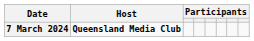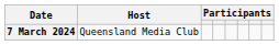 <table class="nowrap wikitable sortable tpl-blanktable" style=text-align:center>
 <tr>
 <th rowspan="2">Date</th>
 <th rowspan="2">Host</th>
 <th colspan="6">Participants</th>
 </tr>
 <tr>
 <th class=unsortable style=background:></th>
 <th class=unsortable style=background:></th>
 <th class=unsortable style=background:></th>
 <th class=unsortable style=background:></th>
 <th class=unsortable style=background:></th>
 <th class=unsortable style=background:></th>
 </tr>
 <tr>
 <th style=text-align:left>7 March 2024</th>
-<td style=text-align:left><strong>Queensland Media Club</strong></td>
+<td style=text-align:left>Queensland Media Club</td>
 <td></td>
 <td></td>
 <td></td>
 <td></td>
 <td></td>
 <td></td>
 </tr>
 </table>
